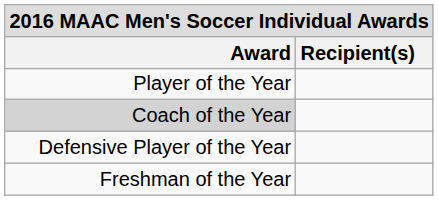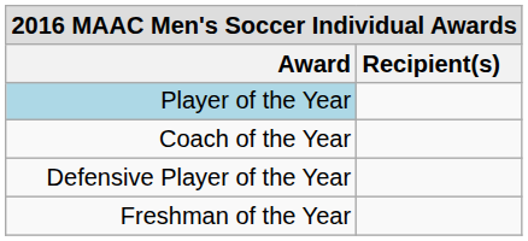 <table class="wikitable" style="white-space:nowrap; font-size:90%;">
 <tr>
 <td colspan="7" style="text-align:center; background:#ddd;"><strong>2016 MAAC Men's Soccer Individual Awards</strong></td>
 </tr>
 <tr>
 <th style="text-align:right;">Award</th>
 <th style="text-align:left;">Recipient(s)</th>
 </tr>
 <tr>
-<td style="text-align:right;">Player of the Year</td>
+<td style="background: lightblue; text-align:right;">Player of the Year</td>
 <td style="text-align:left;"></td>
 </tr>
 <tr>
-<td style="background: lightgrey; text-align:right;">Coach of the Year</td>
+<td style="text-align:right;">Coach of the Year</td>
 <td style="text-align:left;"></td>
 </tr>
 <tr>
 <td style="text-align:right;">Defensive Player of the Year</td>
 <td style="text-align:left;"></td>
 </tr>
 <tr>
 <td style="text-align:right;">Freshman of the Year</td>
 <td style="text-align:left;"></td>
 </tr>
 </table>
